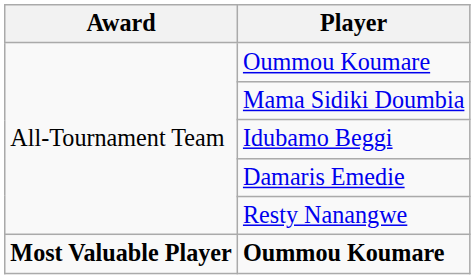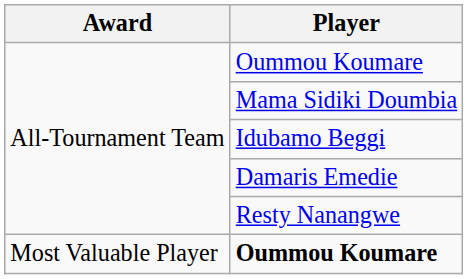 <table class="wikitable">
 <tr>
 <th>Award</th>
 <th>Player</th>
 </tr>
 <tr>
 <td rowspan=5>All-Tournament Team</td>
 <td> <a href='#'>Oummou Koumare</a></td>
 </tr>
 <tr>
 <td> <a href='#'>Mama Sidiki Doumbia</a></td>
 </tr>
 <tr>
 <td> <a href='#'>Idubamo Beggi</a></td>
 </tr>
 <tr>
 <td> <a href='#'>Damaris Emedie</a></td>
 </tr>
 <tr>
 <td> <a href='#'>Resty Nanangwe</a></td>
 </tr>
 <tr>
-<td><strong>Most Valuable Player</strong></td>
+<td>Most Valuable Player</td>
 <td><strong> Oummou Koumare</strong></td>
 </tr>
 </table>
